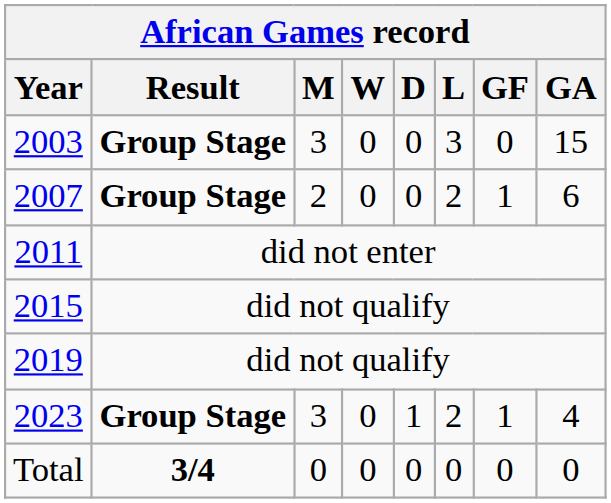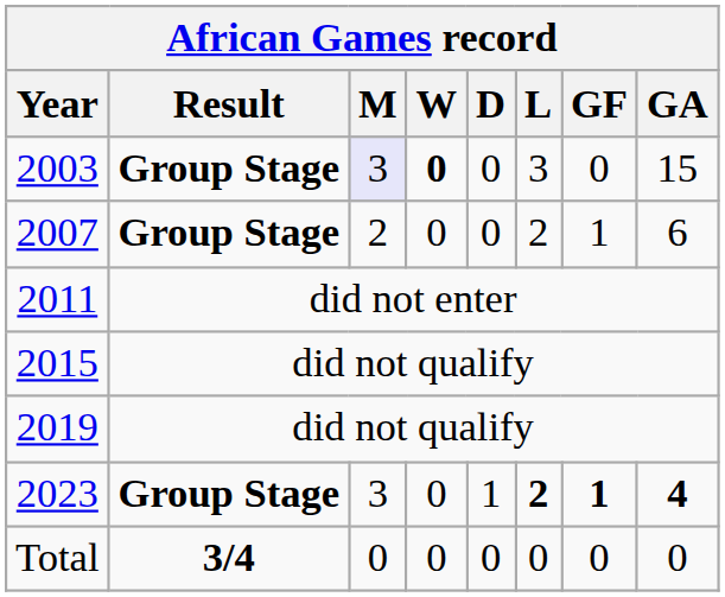 <table class="wikitable" style="text-align: center;">
 <tr>
 <th colspan=8><a href='#'>African Games</a> record</th>
 </tr>
 <tr>
 <th>Year</th>
 <th>Result</th>
 <th>M</th>
 <th>W</th>
 <th>D</th>
 <th>L</th>
 <th>GF</th>
 <th>GA</th>
 </tr>
 <tr>
 <td> <a href='#'>2003</a></td>
 <td><strong>Group Stage</strong></td>
-<td>3</td>
-<td>0</td>
+<td style="background: lavender;">3</td>
+<td><strong>0</strong></td>
 <td>0</td>
 <td>3</td>
 <td>0</td>
 <td>15</td>
 </tr>
 <tr>
 <td> <a href='#'>2007</a></td>
 <td><strong>Group Stage</strong></td>
 <td>2</td>
 <td>0</td>
 <td>0</td>
 <td>2</td>
 <td>1</td>
 <td>6</td>
 </tr>
 <tr>
 <td> <a href='#'>2011</a></td>
 <td colspan=8>did not enter</td>
 </tr>
 <tr>
 <td> <a href='#'>2015</a></td>
 <td colspan=8>did not qualify</td>
 </tr>
 <tr>
 <td> <a href='#'>2019</a></td>
 <td colspan=8>did not qualify</td>
 </tr>
 <tr>
 <td> <a href='#'>2023</a></td>
 <td><strong>Group Stage</strong></td>
 <td>3</td>
 <td>0</td>
 <td>1</td>
-<td>2</td>
-<td>1</td>
-<td>4</td>
+<td><strong>2</strong></td>
+<td><strong>1</strong></td>
+<td><strong>4</strong></td>
 </tr>
 <tr>
 <td>Total</td>
 <td><strong>3/4</strong></td>
 <td>0</td>
 <td>0</td>
 <td>0</td>
 <td>0</td>
 <td>0</td>
 <td>0</td>
 </tr>
 </table>
